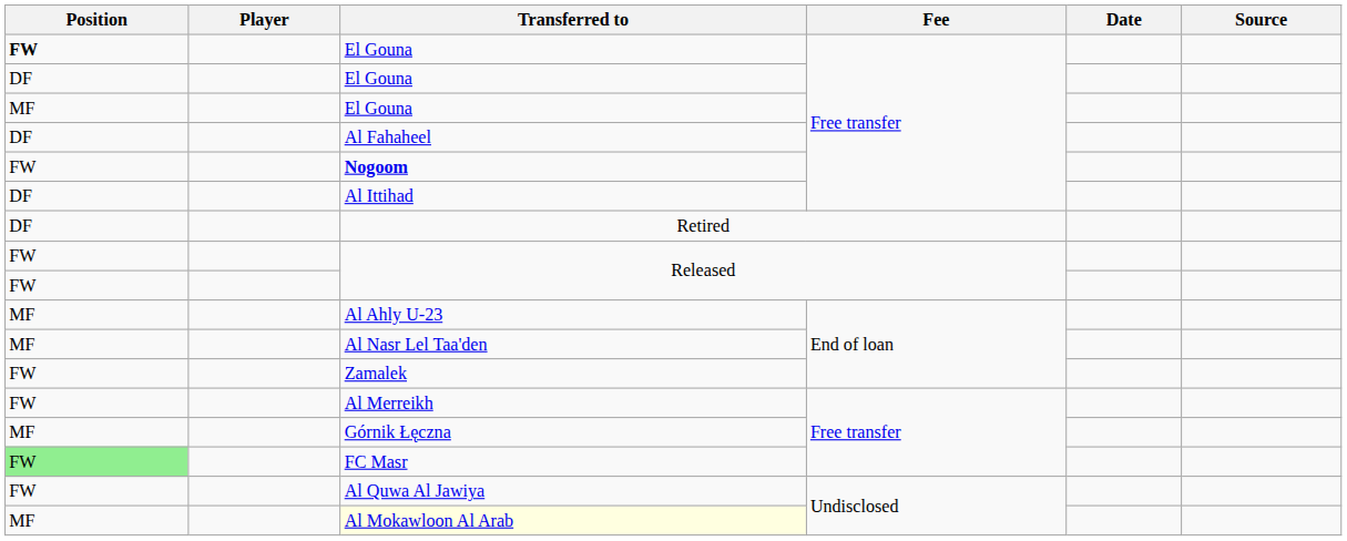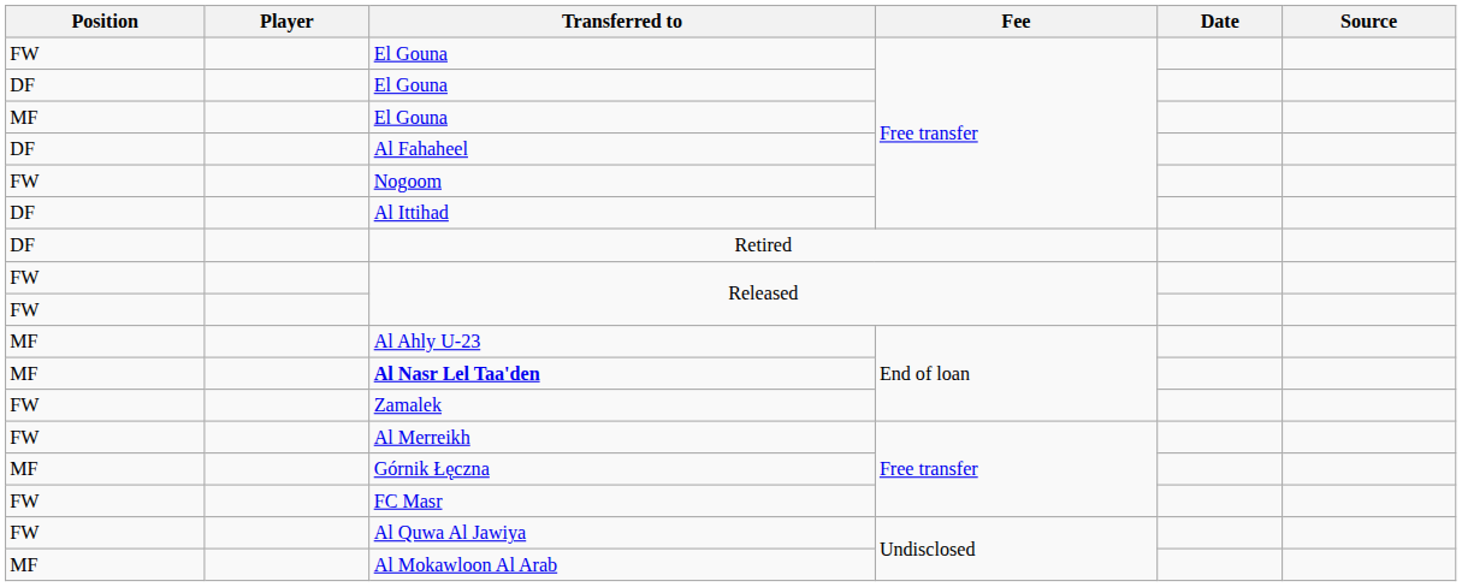 <table class="wikitable sortable" style="width:90%; text-align:center; font-size:95%; text-align:left">
 <tr>
 <th>Position</th>
 <th>Player</th>
 <th>Transferred to</th>
 <th>Fee</th>
 <th>Date</th>
 <th>Source</th>
 </tr>
 <tr>
-<td><strong>FW</strong></td>
+<td>FW</td>
 <td></td>
 <td> <a href='#'>El Gouna</a></td>
 <td rowspan=6><a href='#'>Free transfer</a></td>
 <td></td>
 <td></td>
 </tr>
 <tr>
 <td>DF</td>
 <td></td>
 <td> <a href='#'>El Gouna</a></td>
 <td></td>
 <td></td>
 </tr>
 <tr>
 <td>MF</td>
 <td></td>
 <td> <a href='#'>El Gouna</a></td>
 <td></td>
 <td></td>
 </tr>
 <tr>
 <td>DF</td>
 <td></td>
 <td> <a href='#'>Al Fahaheel</a></td>
 <td></td>
 <td></td>
 </tr>
 <tr>
 <td>FW</td>
 <td></td>
-<td><strong> <a href='#'>Nogoom</a></strong></td>
+<td> <a href='#'>Nogoom</a></td>
 <td></td>
 <td></td>
 </tr>
 <tr>
 <td>DF</td>
 <td></td>
 <td> <a href='#'>Al Ittihad</a></td>
 <td></td>
 <td></td>
 </tr>
 <tr>
 <td>DF</td>
 <td></td>
 <td colspan=2 style="text-align:center;">Retired</td>
 <td></td>
 <td></td>
 </tr>
 <tr>
 <td>FW</td>
 <td></td>
 <td rowspan="2" colspan="2" style="text-align:center;">Released</td>
 <td></td>
 <td></td>
 </tr>
 <tr>
 <td>FW</td>
 <td></td>
 <td></td>
 <td></td>
 </tr>
 <tr>
 <td>MF</td>
 <td></td>
 <td> <a href='#'>Al Ahly U-23</a></td>
 <td rowspan=3>End of loan</td>
 <td></td>
 <td></td>
 </tr>
 <tr>
 <td>MF</td>
 <td></td>
-<td> <a href='#'>Al Nasr Lel Taa'den</a></td>
+<td><strong> <a href='#'>Al Nasr Lel Taa'den</a></strong></td>
 <td></td>
 <td></td>
 </tr>
 <tr>
 <td>FW</td>
 <td></td>
 <td> <a href='#'>Zamalek</a></td>
 <td></td>
 <td></td>
 </tr>
 <tr>
 <td>FW</td>
 <td></td>
 <td> <a href='#'>Al Merreikh</a></td>
 <td rowspan=3><a href='#'>Free transfer</a></td>
 <td></td>
 <td></td>
 </tr>
 <tr>
 <td>MF</td>
 <td></td>
 <td> <a href='#'>Górnik Łęczna</a></td>
 <td></td>
 <td></td>
 </tr>
 <tr>
-<td style="background: lightgreen;">FW</td>
+<td>FW</td>
 <td></td>
 <td> <a href='#'>FC Masr</a></td>
 <td></td>
 <td></td>
 </tr>
 <tr>
 <td>FW</td>
 <td></td>
 <td> <a href='#'>Al Quwa Al Jawiya</a></td>
 <td rowspan=2>Undisclosed</td>
 <td></td>
 <td></td>
 </tr>
 <tr>
 <td>MF</td>
 <td></td>
-<td style="background: lightyellow;"> <a href='#'>Al Mokawloon Al Arab</a></td>
+<td> <a href='#'>Al Mokawloon Al Arab</a></td>
 <td></td>
 <td></td>
 </tr>
 </table>
